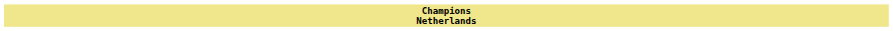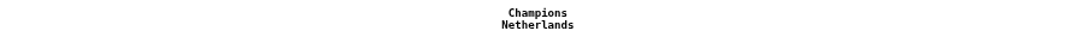 <table cellspacing=0 width=100%>
 <tr>
 <td align=center></td>
 </tr>
 <tr>
-<td align=center style="background: khaki;"><strong>Champions<br>Netherlands</strong></td>
+<td align=center><strong>Champions<br>Netherlands</strong></td>
 </tr>
 </table>
